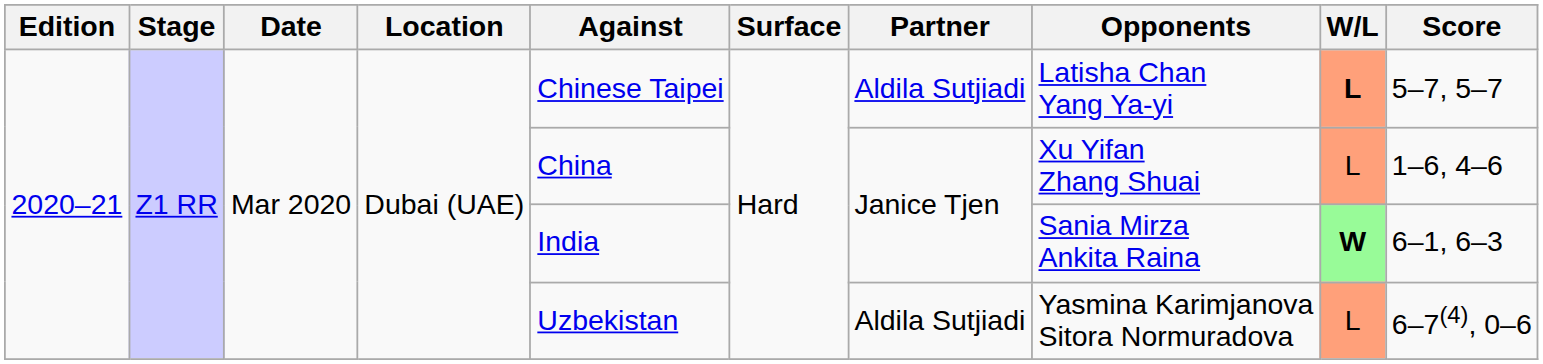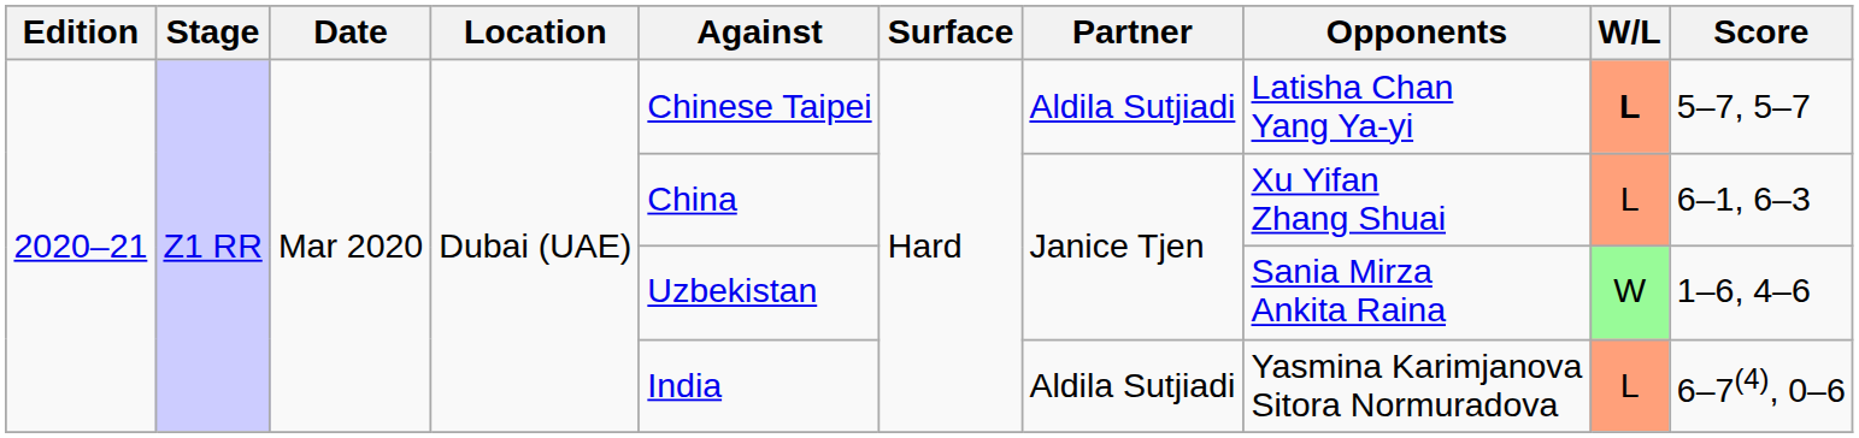 <table class=wikitable>
 <tr>
 <th>Edition</th>
 <th>Stage</th>
 <th>Date</th>
 <th>Location</th>
 <th>Against</th>
 <th>Surface</th>
 <th>Partner</th>
 <th>Opponents</th>
 <th>W/L</th>
 <th>Score</th>
 </tr>
 <tr>
 <td rowspan=4><a href='#'>2020–21</a></td>
 <td style="background:#CCCCFF;" rowspan=4><a href='#'>Z1 RR</a></td>
 <td rowspan="4">Mar 2020</td>
 <td rowspan=4>Dubai (UAE)</td>
 <td> <a href='#'>Chinese Taipei</a></td>
 <td rowspan=4>Hard</td>
 <td><a href='#'>Aldila Sutjiadi</a></td>
 <td><a href='#'>Latisha Chan</a> <br> <a href='#'>Yang Ya-yi</a></td>
 <td style="text-align:center; background:#ffa07a;"><strong>L</strong></td>
 <td>5–7, 5–7</td>
 </tr>
 <tr>
 <td> <a href='#'>China</a></td>
 <td rowspan=2>Janice Tjen</td>
 <td><a href='#'>Xu Yifan</a> <br> <a href='#'>Zhang Shuai</a></td>
 <td style="text-align:center; background:#ffa07a;">L</td>
+<td>6–1, 6–3</td>
+</tr>
+<tr>
+<td> <a href='#'>Uzbekistan</a></td>
+<td><a href='#'>Sania Mirza</a> <br> <a href='#'>Ankita Raina</a></td>
+<td style="text-align:center; background:#98fb98;">W</td>
 <td>1–6, 4–6</td>
 </tr>
 <tr>
 <td> <a href='#'>India</a></td>
-<td><a href='#'>Sania Mirza</a> <br> <a href='#'>Ankita Raina</a></td>
-<td style="text-align:center; background:#98fb98;"><strong>W</strong></td>
-<td>6–1, 6–3</td>
-</tr>
-<tr>
-<td> <a href='#'>Uzbekistan</a></td>
 <td>Aldila Sutjiadi</td>
 <td>Yasmina Karimjanova <br> Sitora Normuradova</td>
 <td style="text-align:center; background:#ffa07a;">L</td>
 <td>6–7<sup>(4)</sup>, 0–6</td>
 </tr>
 </table>
